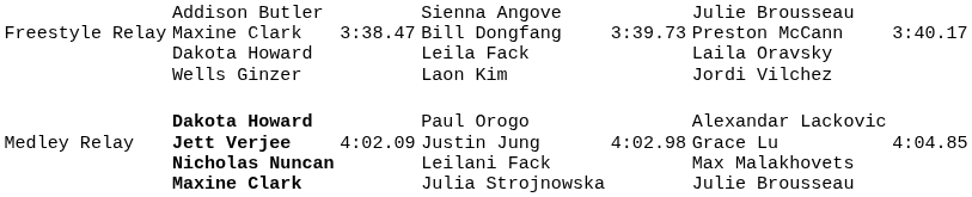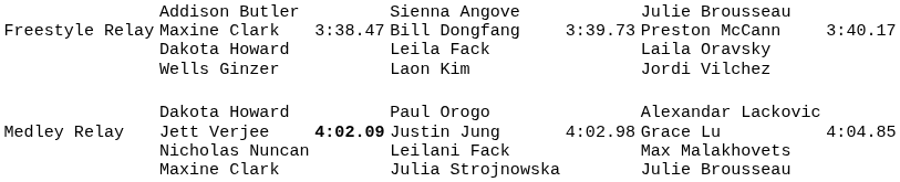 <table>
 <tr>
 <td> Freestyle Relay</td>
 <td> <br> Addison Butler <br> Maxine Clark <br> Dakota Howard <br> Wells Ginzer</td>
 <td>3:38.47</td>
 <td> <br> Sienna Angove <br> Bill Dongfang <br> Leila Fack <br> Laon Kim</td>
 <td>3:39.73</td>
 <td> <br> Julie Brousseau <br> Preston McCann <br> Laila Oravsky <br> Jordi Vilchez</td>
 <td>3:40.17</td>
 </tr>
 <tr>
 <td> Medley Relay</td>
-<td><strong> <br> Dakota Howard <br> Jett Verjee <br> Nicholas Nuncan <br> Maxine Clark</strong></td>
-<td>4:02.09</td>
+<td> <br> Dakota Howard <br> Jett Verjee <br> Nicholas Nuncan <br> Maxine Clark</td>
+<td><strong>4:02.09</strong></td>
 <td> <br> Paul Orogo <br> Justin Jung <br> Leilani Fack <br> Julia Strojnowska</td>
 <td>4:02.98</td>
 <td> <br> Alexandar Lackovic <br> Grace Lu <br> Max Malakhovets <br> Julie Brousseau</td>
 <td>4:04.85</td>
 </tr>
 </table>
